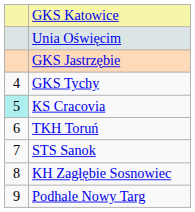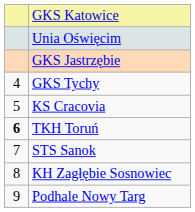 <table class="wikitable" style="width:210px;">
 <tr style="background:#F7F6A8;">
 <td align=center style="width:20px;"></td>
 <td><a href='#'>GKS Katowice</a></td>
 </tr>
 <tr style="background:#DCE5E5;">
 <td align=center></td>
 <td><a href='#'>Unia Oświęcim</a></td>
 </tr>
 <tr style="background:#FFDAB9;">
 <td align=center></td>
 <td><a href='#'>GKS Jastrzębie</a></td>
 </tr>
 <tr>
 <td align=center>4</td>
 <td><a href='#'>GKS Tychy</a></td>
 </tr>
 <tr>
-<td align=center style="background: paleturquoise;">5</td>
+<td align=center>5</td>
 <td><a href='#'>KS Cracovia</a></td>
 </tr>
 <tr>
-<td align=center>6</td>
+<td align=center><strong>6</strong></td>
 <td><a href='#'>TKH Toruń</a></td>
 </tr>
 <tr>
 <td align=center>7</td>
 <td><a href='#'>STS Sanok</a></td>
 </tr>
 <tr>
 <td align=center>8</td>
 <td><a href='#'>KH Zagłębie Sosnowiec</a></td>
 </tr>
 <tr>
 <td align=center>9</td>
 <td><a href='#'>Podhale Nowy Targ</a></td>
 </tr>
 </table>
